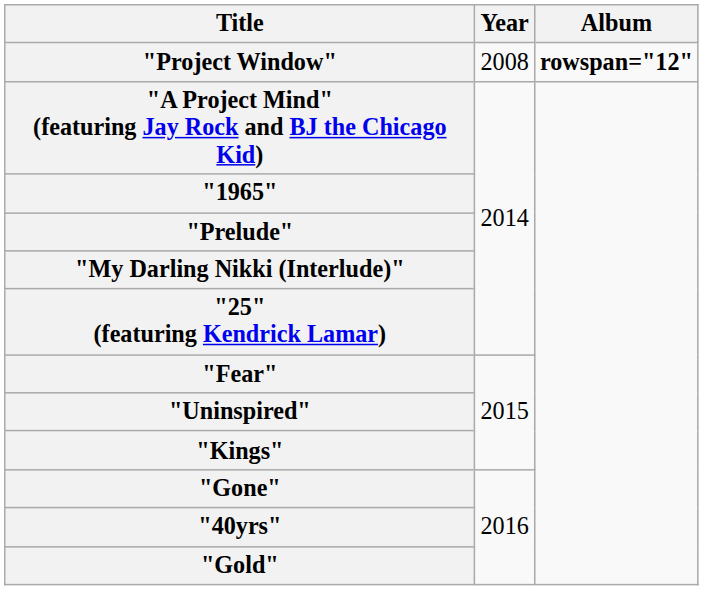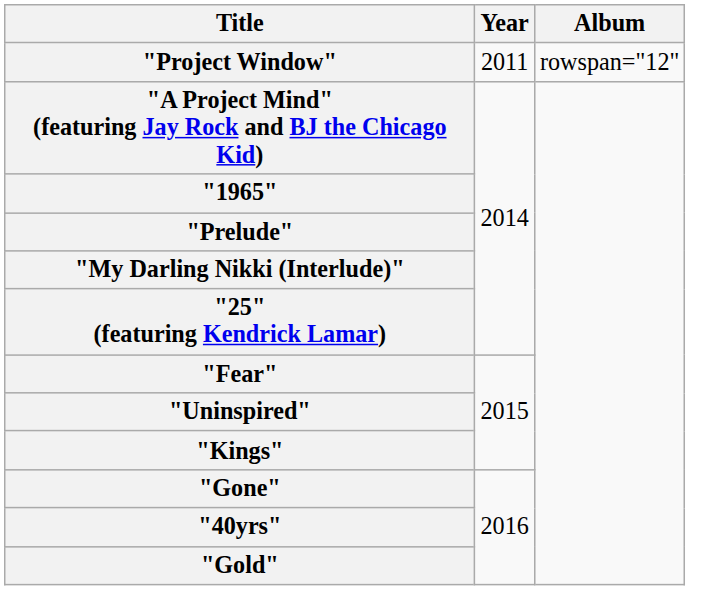 <table class="wikitable plainrowheaders" style="text-align:center;">
 <tr>
 <th scope="col" style="width:19em;">Title</th>
 <th scope="col">Year</th>
 <th scope="col">Album</th>
 </tr>
 <tr>
 <th scope="row">"Project Window"</th>
-<td>2008</td>
-<td><strong>rowspan="12" </strong></td>
+<td>2011</td>
+<td>rowspan="12" </td>
 </tr>
 <tr>
 <th scope="row">"A Project Mind"<br><span>(featuring <a href='#'>Jay Rock</a> and <a href='#'>BJ the Chicago Kid</a>)</span></th>
 <td rowspan="5">2014</td>
 </tr>
 <tr>
 <th scope="row">"1965"</th>
 </tr>
 <tr>
 <th scope="row">"Prelude"</th>
 </tr>
 <tr>
 <th scope="row">"My Darling Nikki (Interlude)"</th>
 </tr>
 <tr>
 <th scope="row">"25"<br><span>(featuring <a href='#'>Kendrick Lamar</a>)</span></th>
 </tr>
 <tr>
 <th scope="row">"Fear"</th>
 <td rowspan="3">2015</td>
 </tr>
 <tr>
 <th scope="row">"Uninspired"</th>
 </tr>
 <tr>
 <th scope="row">"Kings"</th>
 </tr>
 <tr>
 <th scope="row">"Gone"</th>
 <td rowspan="3">2016</td>
 </tr>
 <tr>
 <th scope="row">"40yrs"</th>
 </tr>
 <tr>
 <th scope="row">"Gold"</th>
 </tr>
 </table>
